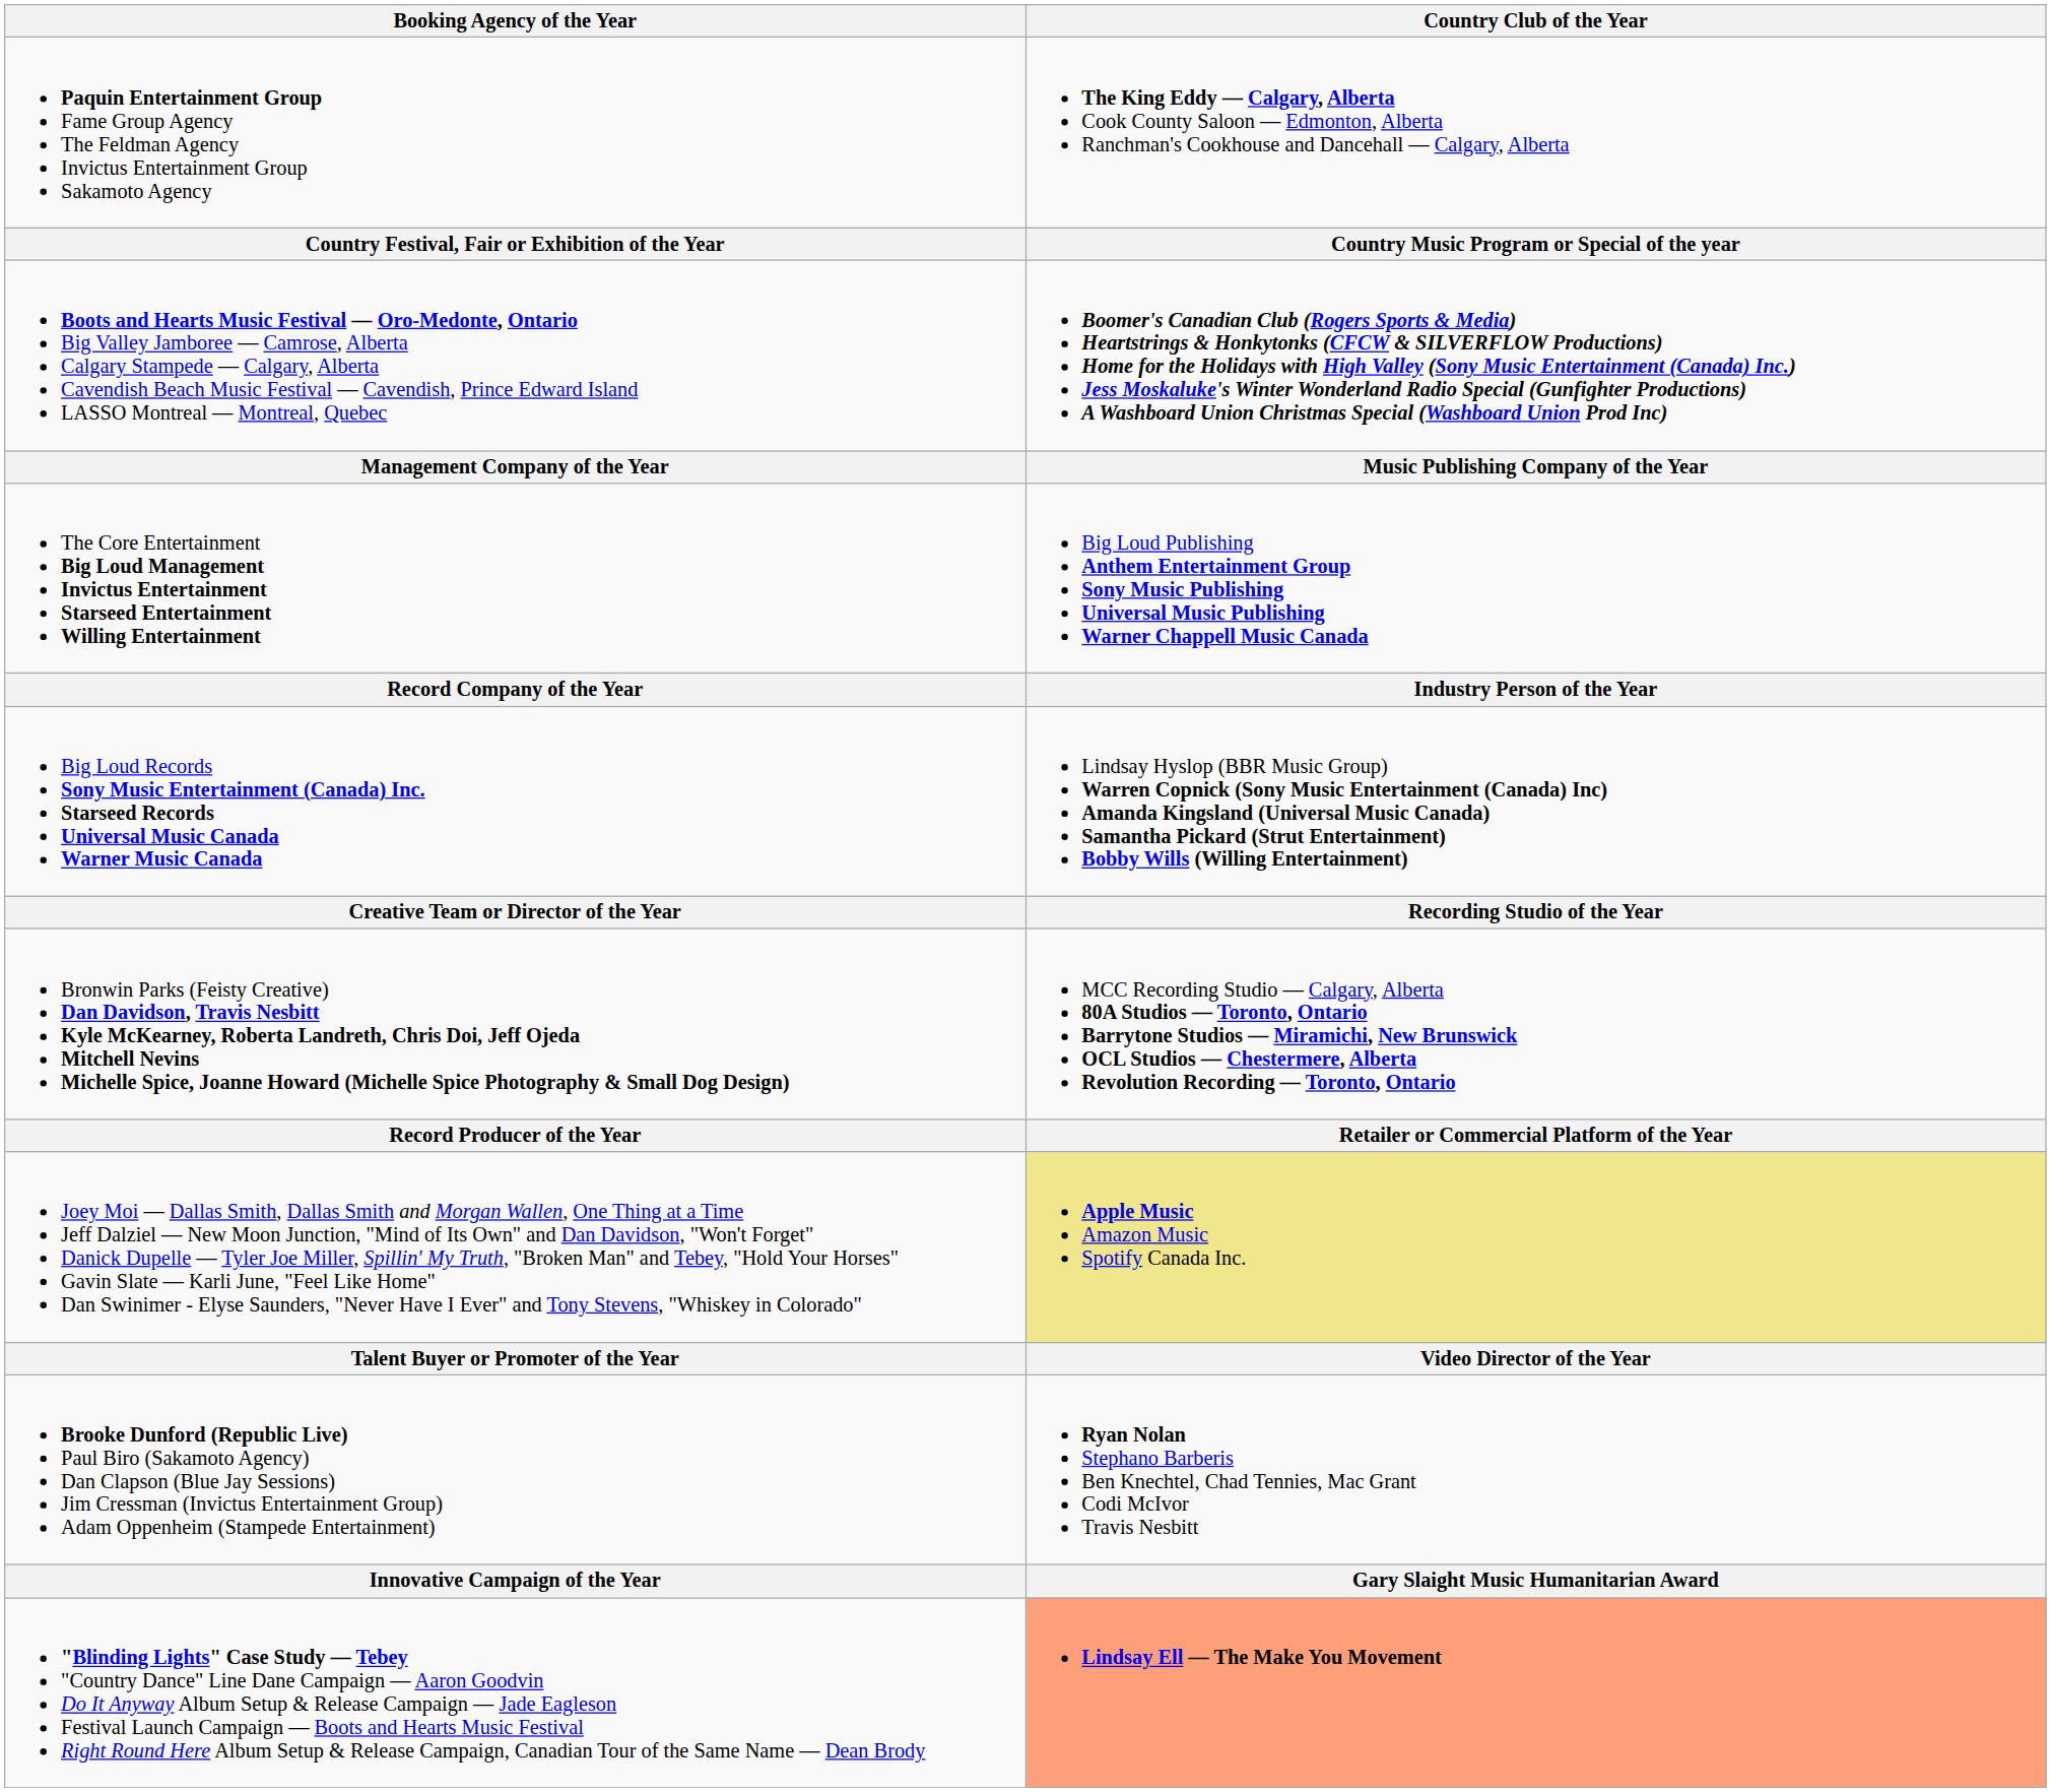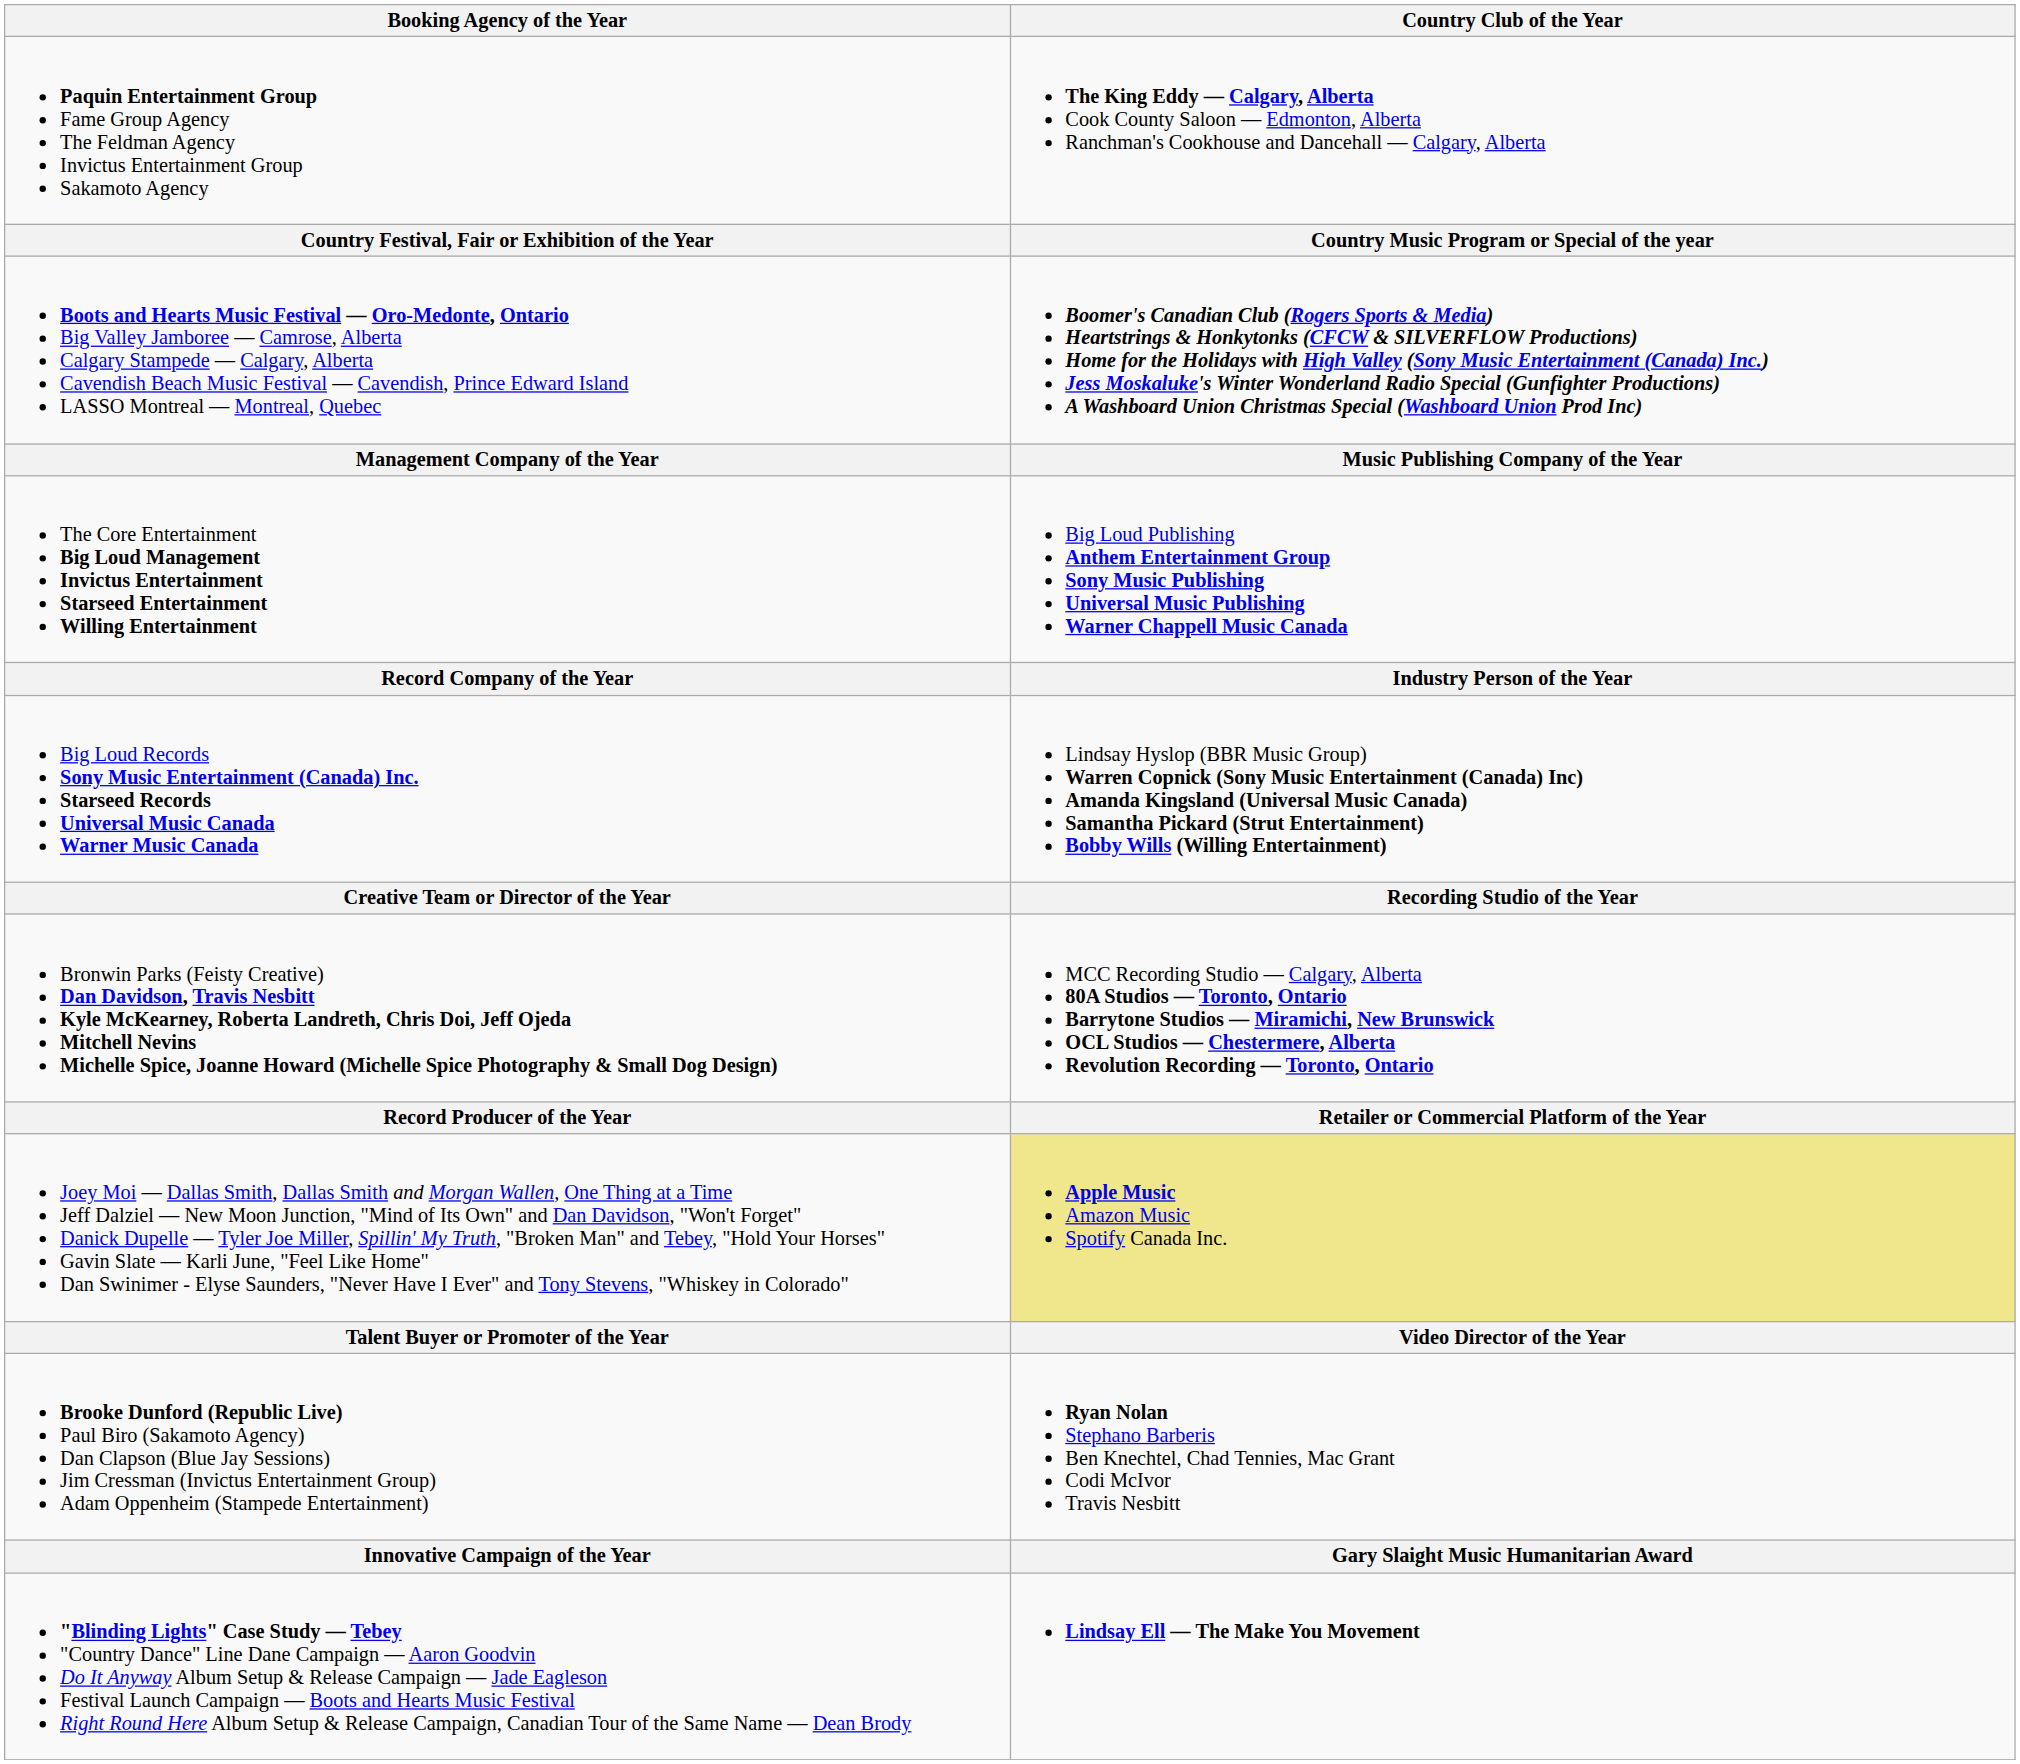 <table class="wikitable" style="width:100%">
 <tr>
 <th style="width:50%">Booking Agency of the Year</th>
 <th style="width:50%">Country Club of the Year</th>
 </tr>
 <tr>
 <td valign="top"><br><ul><li> <strong>Paquin Entertainment Group</strong></li><li>Fame Group Agency</li><li>The Feldman Agency</li><li>Invictus Entertainment Group</li><li>Sakamoto Agency</li></ul></td>
 <td valign="top"><br><ul><li> <strong>The King Eddy — <a href='#'>Calgary</a>, <a href='#'>Alberta</a></strong></li><li>Cook County Saloon — <a href='#'>Edmonton</a>, <a href='#'>Alberta</a></li><li>Ranchman's Cookhouse and Dancehall — <a href='#'>Calgary</a>, <a href='#'>Alberta</a></li></ul></td>
 </tr>
 <tr>
 <th style="width:50%">Country Festival, Fair or Exhibition of the Year</th>
 <th style="width:50%">Country Music Program or Special of the year</th>
 </tr>
 <tr>
 <td valign="top"><br><ul><li> <strong><a href='#'>Boots and Hearts Music Festival</a> — <a href='#'>Oro-Medonte</a>, <a href='#'>Ontario</a></strong></li><li><a href='#'>Big Valley Jamboree</a> — <a href='#'>Camrose</a>, <a href='#'>Alberta</a></li><li><a href='#'>Calgary Stampede</a> — <a href='#'>Calgary</a>, <a href='#'>Alberta</a></li><li><a href='#'>Cavendish Beach Music Festival</a> — <a href='#'>Cavendish</a>, <a href='#'>Prince Edward Island</a></li><li>LASSO Montreal — <a href='#'>Montreal</a>, <a href='#'>Quebec</a></li></ul></td>
 <td valign="top"><br><ul><li> <strong><em>Boomer's Canadian Club<em> (<a href='#'>Rogers Sports & Media</a>)<strong></li><li></em>Heartstrings & Honkytonks<em> (<a href='#'>CFCW</a> & SILVERFLOW Productions)</li><li></em>Home for the Holidays with <a href='#'>High Valley</a><em> (<a href='#'>Sony Music Entertainment (Canada) Inc.</a>)</li><li></em><a href='#'>Jess Moskaluke</a>'s Winter Wonderland Radio Special<em> (Gunfighter Productions)</li><li></em>A Washboard Union Christmas Special<em> (<a href='#'>Washboard Union</a> Prod Inc)</li></ul></td>
 </tr>
 <tr>
 <th style="width:50%">Management Company of the Year</th>
 <th style="width:50%">Music Publishing Company of the Year</th>
 </tr>
 <tr>
 <td valign="top"><br><ul><li> </strong>The Core Entertainment<strong></li><li>Big Loud Management</li><li>Invictus Entertainment</li><li>Starseed Entertainment</li><li>Willing Entertainment</li></ul></td>
 <td valign="top"><br><ul><li> </strong><a href='#'>Big Loud Publishing</a><strong></li><li><a href='#'>Anthem Entertainment Group</a></li><li><a href='#'>Sony Music Publishing</a></li><li><a href='#'>Universal Music Publishing</a></li><li><a href='#'>Warner Chappell Music Canada</a></li></ul></td>
 </tr>
 <tr>
 <th style="width:50%">Record Company of the Year</th>
 <th style="width:50%">Industry Person of the Year</th>
 </tr>
 <tr>
 <td valign="top"><br><ul><li> </strong><a href='#'>Big Loud Records</a><strong></li><li><a href='#'>Sony Music Entertainment (Canada) Inc.</a></li><li>Starseed Records</li><li><a href='#'>Universal Music Canada</a></li><li><a href='#'>Warner Music Canada</a></li></ul></td>
 <td valign="top"><br><ul><li> </strong>Lindsay Hyslop (BBR Music Group)<strong></li><li>Warren Copnick (Sony Music Entertainment (Canada) Inc)</li><li>Amanda Kingsland (Universal Music Canada)</li><li>Samantha Pickard (Strut Entertainment)</li><li><a href='#'>Bobby Wills</a> (Willing Entertainment)</li></ul></td>
 </tr>
 <tr>
 <th style="width:50%">Creative Team or Director of the Year</th>
 <th style="width:50%">Recording Studio of the Year</th>
 </tr>
 <tr>
 <td valign="top"><br><ul><li> </strong>Bronwin Parks (Feisty Creative)<strong></li><li><a href='#'>Dan Davidson</a>, <a href='#'>Travis Nesbitt</a></li><li>Kyle McKearney,  Roberta Landreth, Chris Doi, Jeff Ojeda</li><li>Mitchell Nevins</li><li>Michelle Spice, Joanne Howard (Michelle Spice Photography & Small Dog Design)</li></ul></td>
 <td valign="top"><br><ul><li> </strong>MCC Recording Studio — <a href='#'>Calgary</a>, <a href='#'>Alberta</a><strong></li><li>80A Studios — <a href='#'>Toronto</a>, <a href='#'>Ontario</a></li><li>Barrytone Studios — <a href='#'>Miramichi</a>, <a href='#'>New Brunswick</a></li><li>OCL Studios — <a href='#'>Chestermere</a>, <a href='#'>Alberta</a></li><li>Revolution Recording — <a href='#'>Toronto</a>, <a href='#'>Ontario</a></li></ul></td>
 </tr>
 <tr>
 <th style="width:50%">Record Producer of the Year</th>
 <th style="width:50%">Retailer or Commercial Platform of the Year</th>
 </tr>
 <tr>
 <td valign="top"><br><ul><li> </strong><a href='#'>Joey Moi</a> — <a href='#'>Dallas Smith</a>, </em><a href='#'>Dallas Smith</a><em> and <a href='#'>Morgan Wallen</a>, </em><a href='#'>One Thing at a Time</a></em></strong></li><li>Jeff Dalziel — New Moon Junction, "Mind of Its Own" and <a href='#'>Dan Davidson</a>, "Won't Forget"</li><li><a href='#'>Danick Dupelle</a> — <a href='#'>Tyler Joe Miller</a>, <em><a href='#'>Spillin' My Truth</a></em>, "Broken Man" and <a href='#'>Tebey</a>, "Hold Your Horses"</li><li>Gavin Slate — Karli June, "Feel Like Home"</li><li>Dan Swinimer - Elyse Saunders, "Never Have I Ever" and <a href='#'>Tony Stevens</a>, "Whiskey in Colorado"</li></ul></td>
 <td valign="top" style="background: khaki;"><br><ul><li> <strong><a href='#'>Apple Music</a></strong></li><li><a href='#'>Amazon Music</a></li><li><a href='#'>Spotify</a> Canada Inc.</li></ul></td>
 </tr>
 <tr>
 <th style="width:50%">Talent Buyer or Promoter of the Year</th>
 <th style="width:50%">Video Director of the Year</th>
 </tr>
 <tr>
 <td valign="top"><br><ul><li> <strong>Brooke Dunford (Republic Live)</strong></li><li>Paul Biro (Sakamoto Agency)</li><li>Dan Clapson (Blue Jay Sessions)</li><li>Jim Cressman (Invictus Entertainment Group)</li><li>Adam Oppenheim (Stampede Entertainment)</li></ul></td>
 <td valign="top"><br><ul><li> <strong>Ryan Nolan</strong></li><li><a href='#'>Stephano Barberis</a></li><li>Ben Knechtel, Chad Tennies, Mac Grant</li><li>Codi McIvor</li><li>Travis Nesbitt</li></ul></td>
 </tr>
 <tr>
 <th style="width:50%">Innovative Campaign of the Year</th>
 <th style="width:50%">Gary Slaight Music Humanitarian Award</th>
 </tr>
 <tr>
 <td valign="top"><br><ul><li> <strong>"<a href='#'>Blinding Lights</a>" Case Study — <a href='#'>Tebey</a></strong></li><li>"Country Dance" Line Dane Campaign — <a href='#'>Aaron Goodvin</a></li><li><em><a href='#'>Do It Anyway</a></em> Album Setup & Release Campaign — <a href='#'>Jade Eagleson</a></li><li>Festival Launch Campaign — <a href='#'>Boots and Hearts Music Festival</a></li><li><em><a href='#'>Right Round Here</a></em> Album Setup & Release Campaign, Canadian Tour of the Same Name — <a href='#'>Dean Brody</a></li></ul></td>
-<td valign="top" style="background: lightsalmon;"><br><ul><li> <strong><a href='#'>Lindsay Ell</a> — The Make You Movement</strong></li></ul></td>
+<td valign="top"><br><ul><li> <strong><a href='#'>Lindsay Ell</a> — The Make You Movement</strong></li></ul></td>
 </tr>
 </table>
